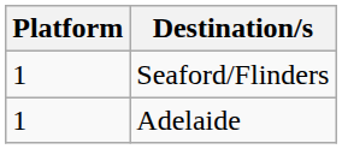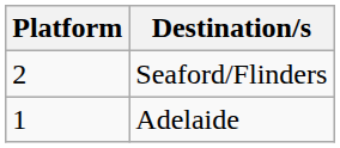 <table class="wikitable">
 <tr>
 <th>Platform</th>
 <th>Destination/s</th>
 </tr>
 <tr>
-<td style="background:#"><span>1</span></td>
+<td style="background:#"><span>2</span></td>
 <td>Seaford/Flinders</td>
 </tr>
 <tr>
 <td style="background:#"><span>1</span></td>
 <td>Adelaide</td>
 </tr>
 </table>
